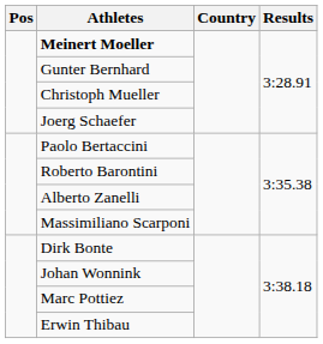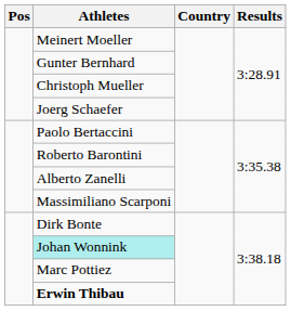 <table class="wikitable wikble">
 <tr>
 <th>Pos</th>
 <th>Athletes</th>
 <th>Country</th>
 <th>Results</th>
 </tr>
 <tr>
 <td rowspan="4"></td>
-<td><strong>Meinert Moeller</strong></td>
+<td>Meinert Moeller</td>
 <td rowspan="4"></td>
 <td rowspan="4">3:28.91</td>
 </tr>
 <tr>
 <td>Gunter Bernhard</td>
 </tr>
 <tr>
 <td>Christoph Mueller</td>
 </tr>
 <tr>
 <td>Joerg Schaefer</td>
 </tr>
 <tr>
 <td rowspan="4"></td>
 <td>Paolo Bertaccini</td>
 <td rowspan="4"></td>
 <td rowspan="4">3:35.38</td>
 </tr>
 <tr>
 <td>Roberto Barontini</td>
 </tr>
 <tr>
 <td>Alberto Zanelli</td>
 </tr>
 <tr>
 <td>Massimiliano Scarponi</td>
 </tr>
 <tr>
 <td rowspan="4"></td>
 <td>Dirk Bonte</td>
 <td rowspan="4"></td>
 <td rowspan="4">3:38.18</td>
 </tr>
 <tr>
-<td>Johan Wonnink</td>
+<td style="background: paleturquoise;">Johan Wonnink</td>
 </tr>
 <tr>
 <td>Marc Pottiez</td>
 </tr>
 <tr>
-<td>Erwin Thibau</td>
+<td><strong>Erwin Thibau</strong></td>
 </tr>
 </table>
